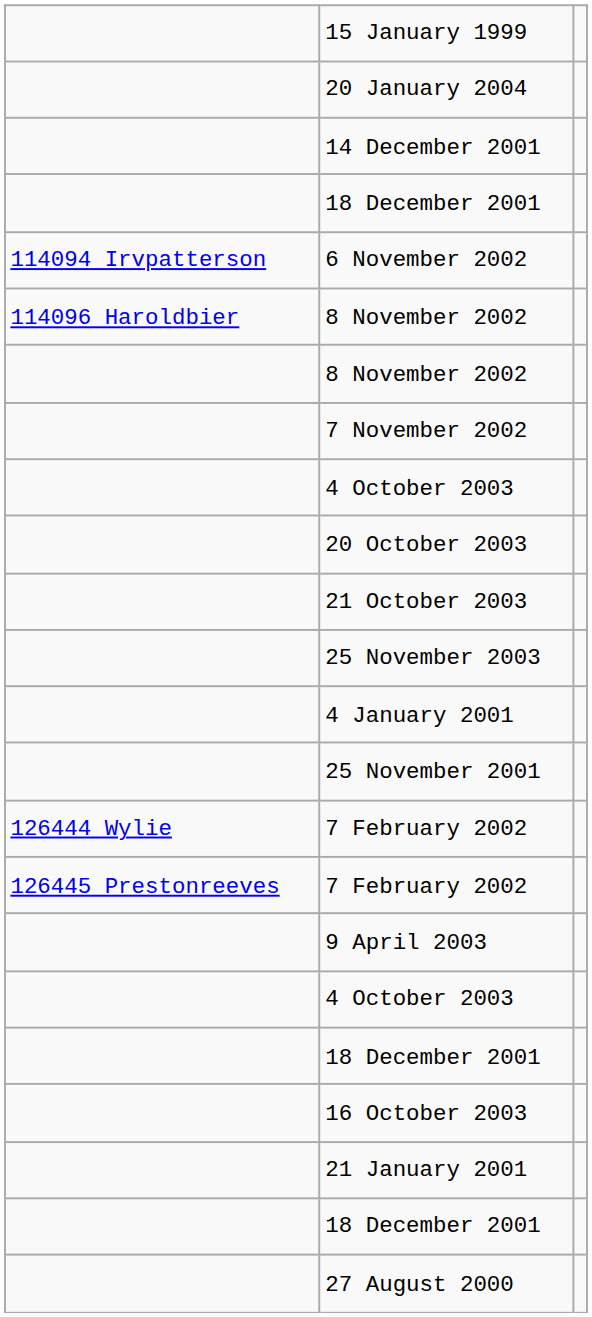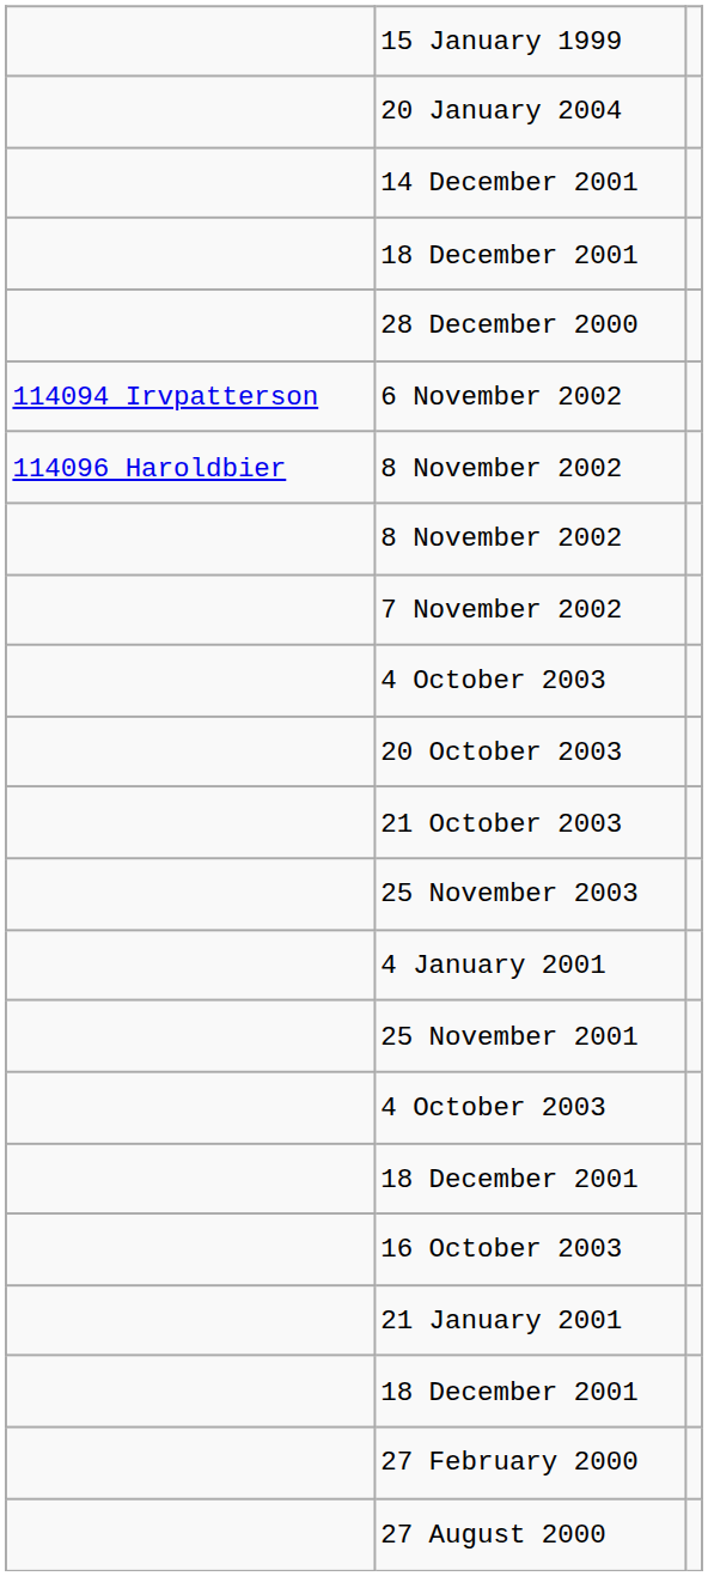 <table class="wikitable" style="font-size: 89%; float: left; width: 26em; margin-right: 1em; line-height: 1.65em !important; height: 675px;">
 <tr>
 <td></td>
 <td>15 January 1999</td>
 <td></td>
 </tr>
 <tr>
 <td></td>
 <td>20 January 2004</td>
 <td></td>
 </tr>
 <tr>
 <td></td>
 <td>14 December 2001</td>
 <td></td>
 </tr>
 <tr>
 <td></td>
 <td>18 December 2001</td>
+<td></td>
+</tr>
+<tr>
+<td></td>
+<td>28 December 2000</td>
 <td></td>
 </tr>
 <tr>
 <td><a href='#'>114094 Irvpatterson</a></td>
 <td>6 November 2002</td>
 <td></td>
 </tr>
 <tr>
 <td><a href='#'>114096 Haroldbier</a></td>
 <td>8 November 2002</td>
 <td></td>
 </tr>
 <tr>
 <td></td>
 <td>8 November 2002</td>
 <td></td>
 </tr>
 <tr>
 <td></td>
 <td>7 November 2002</td>
 <td></td>
 </tr>
 <tr>
 <td></td>
 <td>4 October 2003</td>
 <td></td>
 </tr>
 <tr>
 <td></td>
 <td>20 October 2003</td>
 <td></td>
 </tr>
 <tr>
 <td></td>
 <td>21 October 2003</td>
 <td></td>
 </tr>
 <tr>
 <td></td>
 <td>25 November 2003</td>
 <td></td>
 </tr>
 <tr>
 <td></td>
 <td>4 January 2001</td>
 <td></td>
 </tr>
 <tr>
 <td></td>
 <td>25 November 2001</td>
 <td></td>
 </tr>
 <tr>
-<td><a href='#'>126444 Wylie</a></td>
-<td>7 February 2002</td>
-<td></td>
-</tr>
-<tr>
-<td><a href='#'>126445 Prestonreeves</a></td>
-<td>7 February 2002</td>
-<td></td>
-</tr>
-<tr>
-<td></td>
-<td>9 April 2003</td>
-<td></td>
-</tr>
-<tr>
 <td></td>
 <td>4 October 2003</td>
 <td></td>
 </tr>
 <tr>
 <td></td>
 <td>18 December 2001</td>
 <td></td>
 </tr>
 <tr>
 <td></td>
 <td>16 October 2003</td>
 <td></td>
 </tr>
 <tr>
 <td></td>
 <td>21 January 2001</td>
 <td></td>
 </tr>
 <tr>
 <td></td>
 <td>18 December 2001</td>
 <td></td>
 </tr>
 <tr>
 <td></td>
+<td>27 February 2000</td>
+<td></td>
+</tr>
+<tr>
+<td></td>
 <td>27 August 2000</td>
 <td></td>
 </tr>
 </table>
